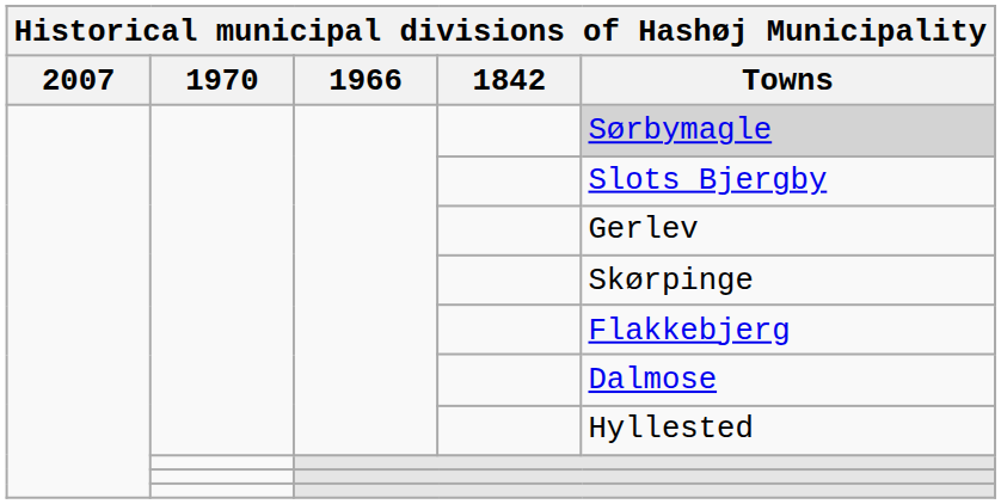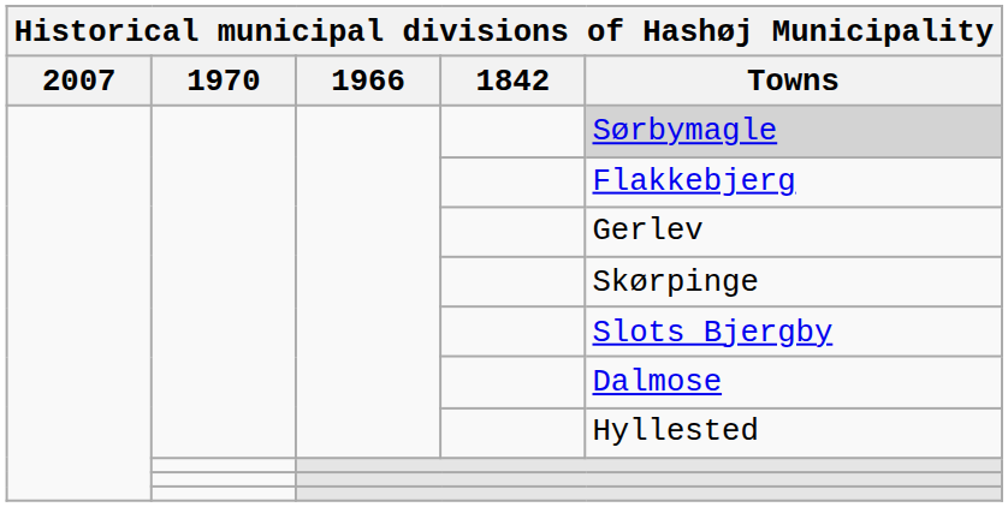 <table class="wikitable" style="margin-left:1em;" style="text-align: center">
 <tr>
 <th colspan="99">Historical municipal divisions of Hashøj Municipality</th>
 </tr>
 <tr>
 <th>2007</th>
 <th>1970</th>
 <th>1966</th>
 <th>1842</th>
 <th>Towns</th>
 </tr>
 <tr>
 <td rowspan="99"></td>
 <td rowspan="7"></td>
 <td rowspan="7"></td>
 <td colspan="1"></td>
 <td style="background: lightgrey;"><a href='#'>Sørbymagle</a></td>
 </tr>
 <tr>
 <td colspan="1"></td>
-<td><a href='#'>Slots Bjergby</a></td>
+<td><a href='#'>Flakkebjerg</a></td>
 </tr>
 <tr>
 <td colspan="1"></td>
 <td>Gerlev</td>
 </tr>
 <tr>
 <td colspan="1"></td>
 <td>Skørpinge</td>
 </tr>
 <tr>
 <td colspan="1"></td>
-<td><a href='#'>Flakkebjerg</a></td>
+<td><a href='#'>Slots Bjergby</a></td>
 </tr>
 <tr>
 <td colspan="1"></td>
 <td><a href='#'>Dalmose</a></td>
 </tr>
 <tr>
 <td colspan="1"></td>
 <td>Hyllested</td>
 </tr>
 <tr>
 <td></td>
 <td colspan="7" style="background:#E5E5E5;"></td>
 </tr>
 <tr>
 <td></td>
 <td colspan="7" style="background:#E5E5E5;"></td>
 </tr>
 <tr>
 <td></td>
 <td colspan="7" style="background:#E5E5E5;"></td>
 </tr>
 </table>
